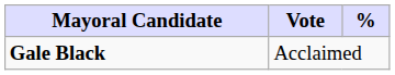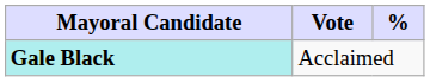 <table class="wikitable">
 <tr>
 <th style="background:#ddf; width:200px;">Mayoral Candidate</th>
 <th style="background:#ddf; width:50px;">Vote</th>
 <th style="background:#ddf; width:30px;">%</th>
 </tr>
 <tr>
-<td><strong>Gale Black</strong></td>
+<td style="background: paleturquoise;"><strong>Gale Black</strong></td>
 <td colspan="2">Acclaimed</td>
 </tr>
 </table>
